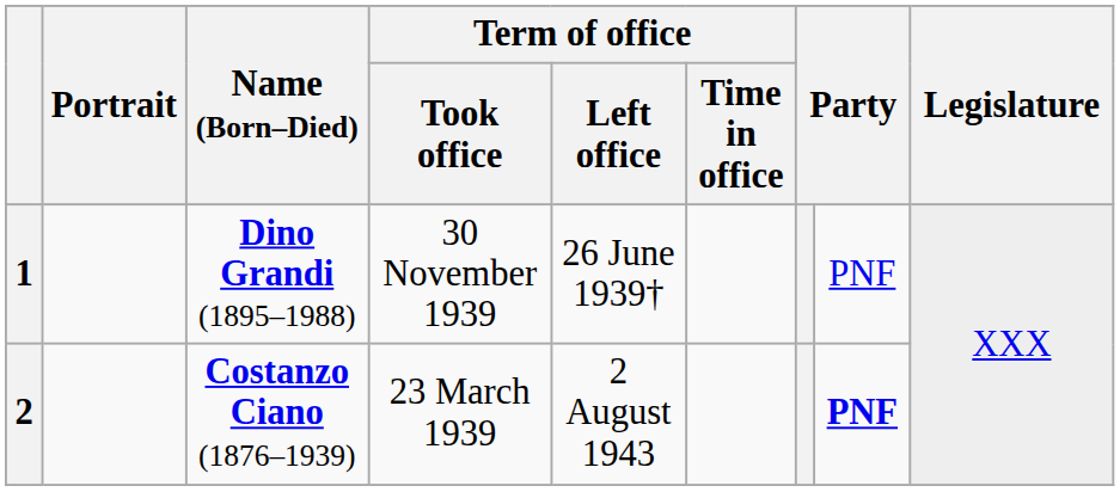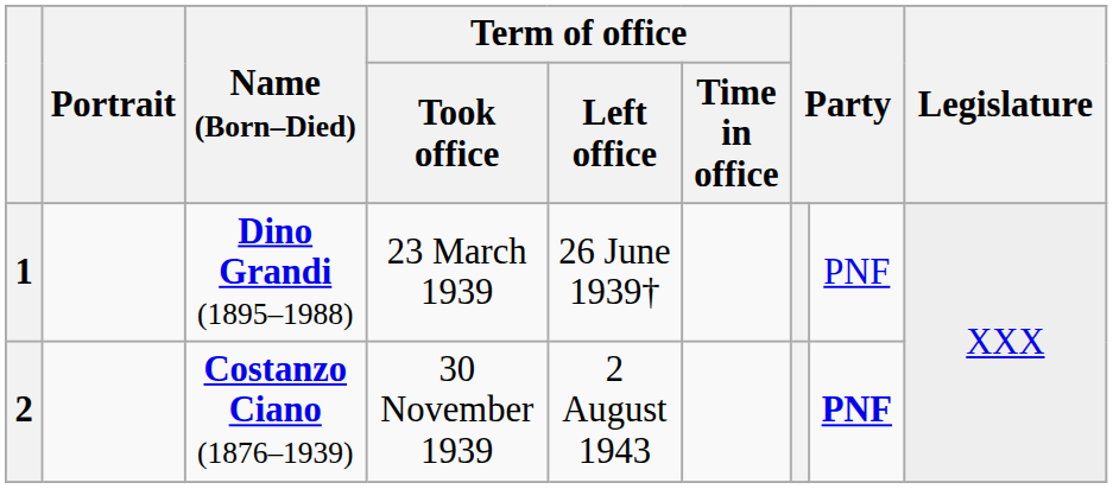 <table class="wikitable" style="text-align:center; style="width=55%">
 <tr>
 <th width=1% rowspan=2></th>
 <th width=1% rowspan=2>Portrait</th>
 <th width=15% rowspan=2>Name<br><small>(Born–Died)</small></th>
 <th width=30% colspan=3>Term of office</th>
 <th width=8% rowspan=2 colspan=2>Party</th>
 <th width=10% rowspan=2>Legislature</th>
 </tr>
 <tr style="text-align:center;">
 <th width=11%>Took office</th>
 <th width=11%>Left office</th>
 <th width=8%>Time in office</th>
 </tr>
 <tr>
 <th>1</th>
 <td></td>
 <td><strong><a href='#'>Dino Grandi</a></strong><br><small>(1895–1988)</small></td>
-<td>30 November 1939</td>
+<td>23 March 1939</td>
 <td>26 June 1939†</td>
 <td></td>
 <th style="background:"></th>
 <td><a href='#'>PNF</a></td>
 <td rowspan=2 bgcolor=#EEEEEE><a href='#'>XXX</a><br></td>
 </tr>
 <tr>
 <th>2</th>
 <td></td>
 <td><strong><a href='#'>Costanzo Ciano</a></strong><br><small>(1876–1939)</small></td>
-<td>23 March 1939</td>
+<td>30 November 1939</td>
 <td>2 August 1943</td>
 <td></td>
 <th style="background:"></th>
 <td><strong><a href='#'>PNF</a></strong></td>
 </tr>
 </table>
